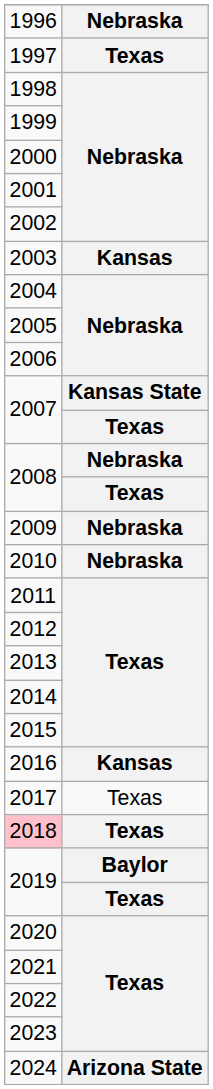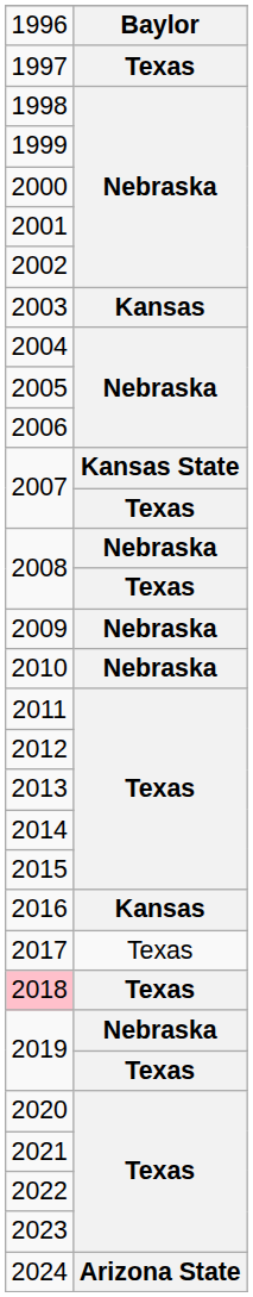 <table class="wikitable" style="text-align: center;">
 <tr>
 </tr>
 <tr>
 <td>1996</td>
-<th>Nebraska</th>
+<th>Baylor</th>
 </tr>
 <tr>
 <td>1997</td>
 <th>Texas</th>
 </tr>
 <tr>
 <td>1998</td>
 <th rowspan="5">Nebraska</th>
 </tr>
 <tr>
 <td>1999</td>
 </tr>
 <tr>
 <td>2000</td>
 </tr>
 <tr>
 <td>2001</td>
 </tr>
 <tr>
 <td>2002</td>
 </tr>
 <tr>
 <td>2003</td>
 <th>Kansas</th>
 </tr>
 <tr>
 <td>2004</td>
 <th rowspan="3">Nebraska</th>
 </tr>
 <tr>
 <td>2005</td>
 </tr>
 <tr>
 <td>2006</td>
 </tr>
 <tr>
 <td rowspan="2">2007</td>
 <th>Kansas State</th>
 </tr>
 <tr>
 <th>Texas</th>
 </tr>
 <tr>
 <td rowspan="2">2008</td>
 <th>Nebraska</th>
 </tr>
 <tr>
 <th>Texas</th>
 </tr>
 <tr>
 <td>2009</td>
 <th>Nebraska</th>
 </tr>
 <tr>
 <td>2010</td>
 <th>Nebraska</th>
 </tr>
 <tr>
 <td>2011</td>
 <th rowspan="5">Texas</th>
 </tr>
 <tr>
 <td>2012</td>
 </tr>
 <tr>
 <td>2013</td>
 </tr>
 <tr>
 <td>2014</td>
 </tr>
 <tr>
 <td>2015</td>
 </tr>
 <tr>
 <td>2016</td>
 <th>Kansas</th>
 </tr>
 <tr>
 <td>2017</td>
 <td>Texas</td>
 </tr>
 <tr>
 <td style="background: pink;">2018</td>
 <th>Texas</th>
 </tr>
 <tr>
 <td rowspan="2">2019</td>
-<th>Baylor</th>
+<th>Nebraska</th>
 </tr>
 <tr>
 <th>Texas</th>
 </tr>
 <tr>
 <td>2020</td>
 <th rowspan="4">Texas</th>
 </tr>
 <tr>
 <td>2021</td>
 </tr>
 <tr>
 <td>2022</td>
 </tr>
 <tr>
 <td>2023</td>
 </tr>
 <tr>
 <td>2024</td>
 <th>Arizona State</th>
 </tr>
 <tr>
 </tr>
 </table>
